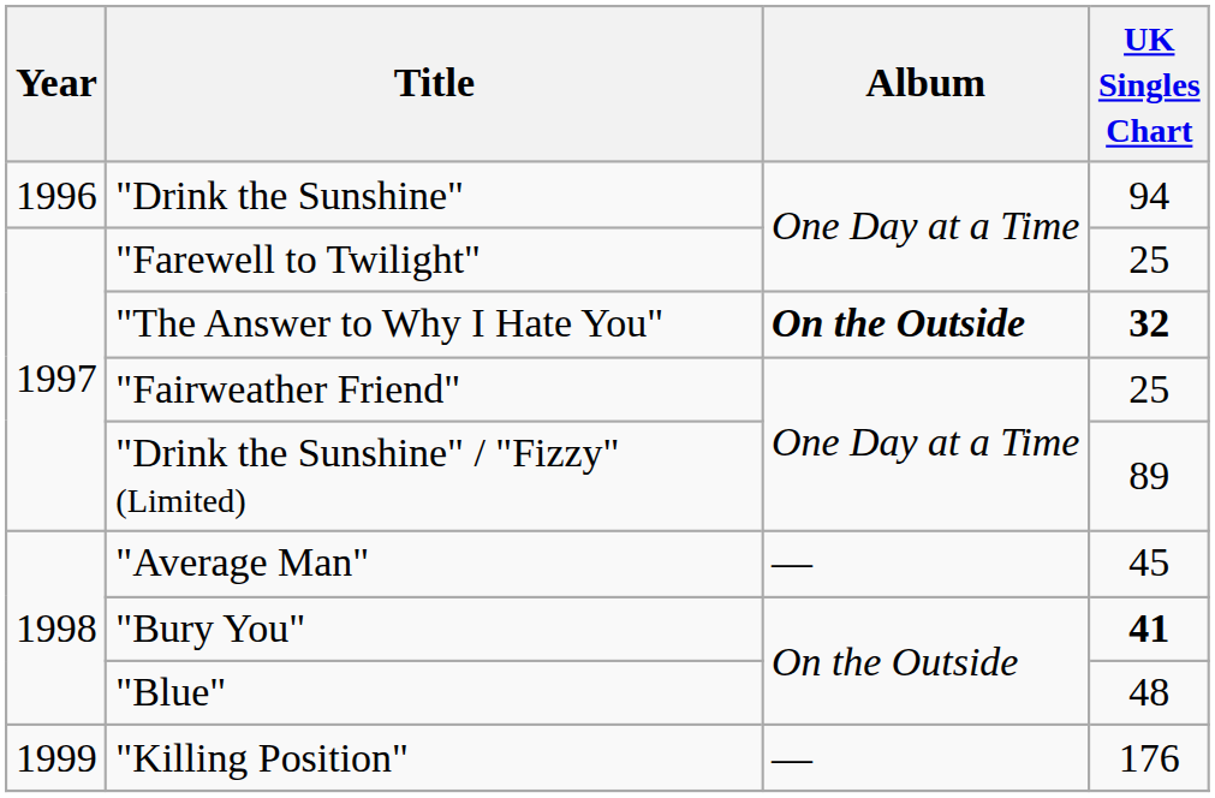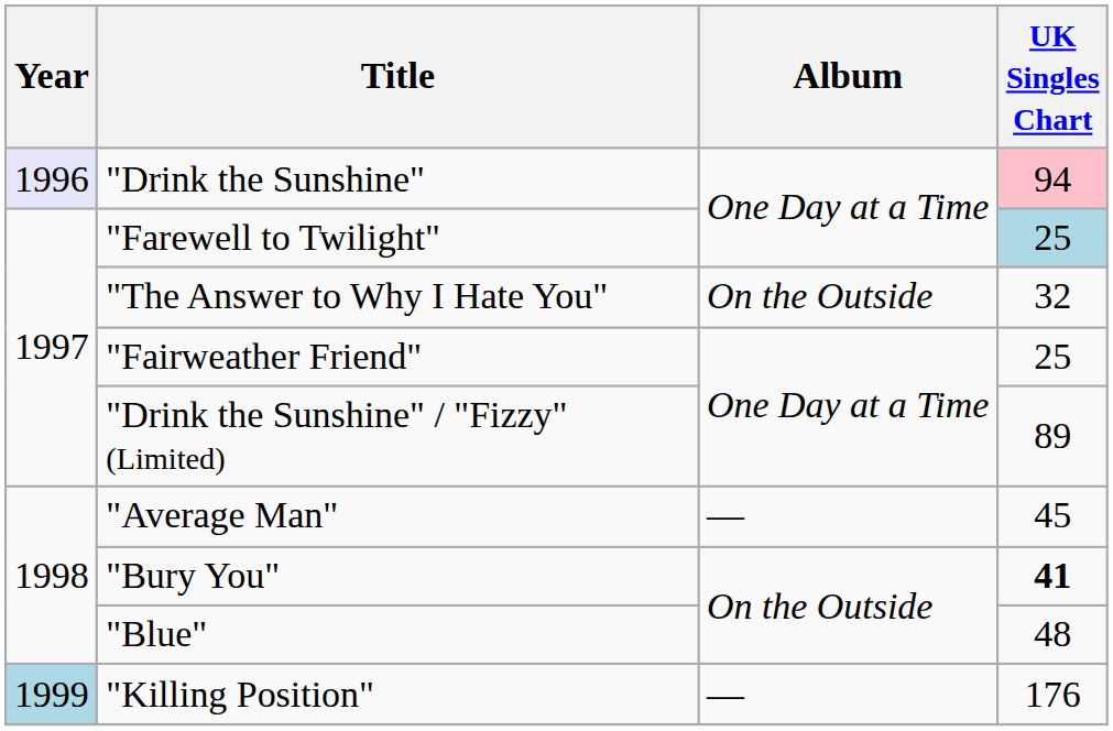 <table class="wikitable">
 <tr>
 <th>Year</th>
 <th width="250">Title</th>
 <th>Album</th>
 <th width="30"><small><a href='#'>UK Singles Chart</a></small><br></th>
 </tr>
 <tr>
-<td>1996</td>
+<td style="background: lavender;">1996</td>
 <td>"Drink the Sunshine"</td>
 <td rowspan="2"><em>One Day at a Time</em></td>
-<td align="center">94</td>
+<td align="center" style="background: pink;">94</td>
 </tr>
 <tr>
 <td rowspan="4">1997</td>
 <td>"Farewell to Twilight"</td>
-<td align="center">25</td>
+<td align="center" style="background: lightblue;">25</td>
 </tr>
 <tr>
 <td>"The Answer to Why I Hate You"</td>
-<td><strong><em>On the Outside</em></strong></td>
-<td align="center"><strong>32</strong></td>
+<td><em>On the Outside</em></td>
+<td align="center">32</td>
 </tr>
 <tr>
 <td>"Fairweather Friend"</td>
 <td rowspan="2"><em>One Day at a Time</em></td>
 <td align="center">25</td>
 </tr>
 <tr>
 <td>"Drink the Sunshine" / "Fizzy" <small>(Limited)</small></td>
 <td align="center">89</td>
 </tr>
 <tr>
 <td rowspan="3">1998</td>
 <td>"Average Man"</td>
 <td>—</td>
 <td align="center">45</td>
 </tr>
 <tr>
 <td>"Bury You"</td>
 <td rowspan="2"><em>On the Outside</em></td>
 <td align="center"><strong>41</strong></td>
 </tr>
 <tr>
 <td>"Blue"</td>
 <td align="center">48</td>
 </tr>
 <tr>
-<td>1999</td>
+<td style="background: lightblue;">1999</td>
 <td>"Killing Position"</td>
 <td>—</td>
 <td align="center">176</td>
 </tr>
 <tr>
 </tr>
 </table>
